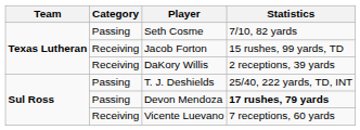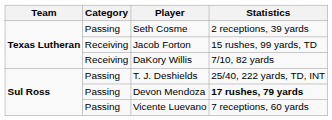 <table class="wikitable" style="float: right;">
 <tr>
 <th>Team</th>
 <th>Category</th>
 <th>Player</th>
 <th>Statistics</th>
 </tr>
 <tr>
 <td rowspan=3><strong>Texas Lutheran</strong></td>
 <td>Passing</td>
 <td>Seth Cosme</td>
-<td>7/10, 82 yards</td>
+<td>2 receptions, 39 yards</td>
 </tr>
 <tr>
 <td>Receiving</td>
 <td>Jacob Forton</td>
 <td>15 rushes, 99 yards, TD</td>
 </tr>
 <tr>
 <td>Receiving</td>
 <td>DaKory Willis</td>
-<td>2 receptions, 39 yards</td>
+<td>7/10, 82 yards</td>
 </tr>
 <tr>
 <td rowspan=3><strong>Sul Ross</strong></td>
 <td>Passing</td>
 <td>T. J. Deshields</td>
 <td>25/40, 222 yards, TD, INT</td>
 </tr>
 <tr>
 <td>Passing</td>
 <td>Devon Mendoza</td>
 <td><strong>17 rushes, 79 yards</strong></td>
 </tr>
 <tr>
-<td>Receiving</td>
+<td>Passing</td>
 <td>Vicente Luevano</td>
 <td>7 receptions, 60 yards</td>
 </tr>
 </table>
